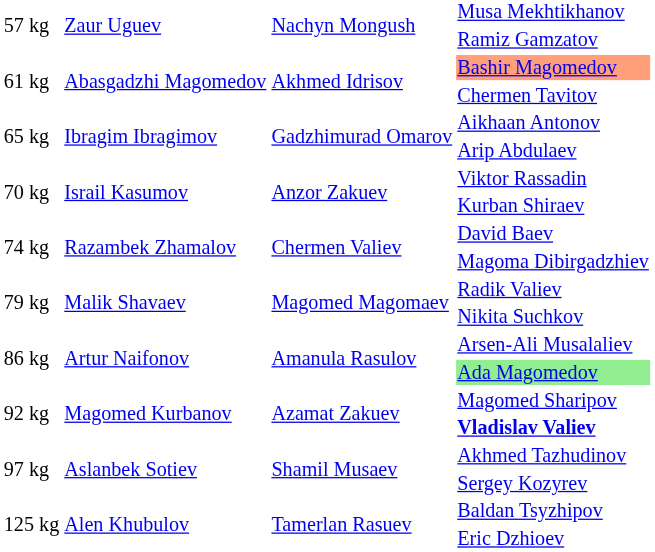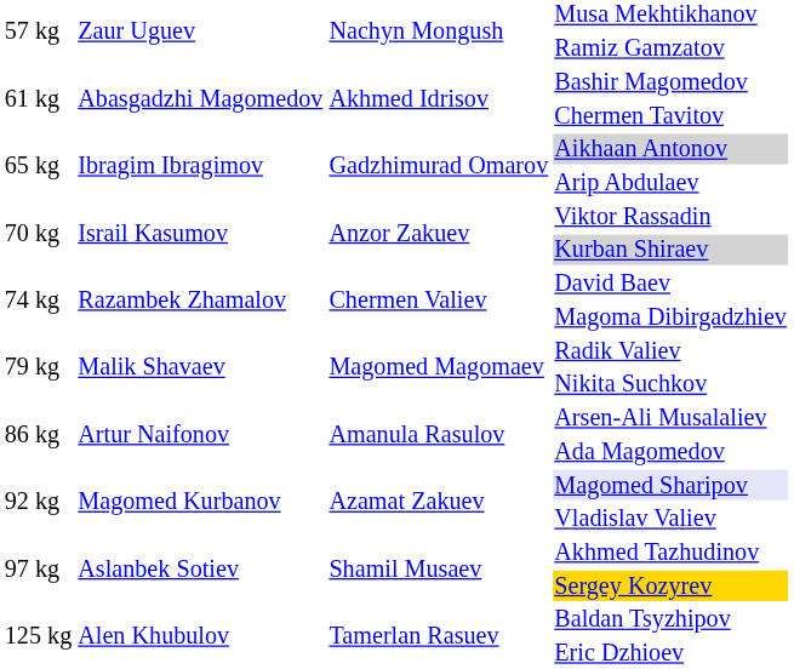 <table>
 <tr>
 <td rowspan=2>57 kg<br></td>
 <td rowspan=2> <a href='#'>Zaur Uguev</a></td>
 <td rowspan=2> <a href='#'>Nachyn Mongush</a></td>
 <td> <a href='#'>Musa Mekhtikhanov</a></td>
 </tr>
 <tr>
 <td> <a href='#'>Ramiz Gamzatov</a></td>
 </tr>
 <tr>
 <td rowspan=2>61 kg<br></td>
 <td rowspan=2> <a href='#'>Abasgadzhi Magomedov</a></td>
 <td rowspan=2> <a href='#'>Akhmed Idrisov</a></td>
-<td style="background: lightsalmon;"> <a href='#'>Bashir Magomedov</a></td>
+<td> <a href='#'>Bashir Magomedov</a></td>
 </tr>
 <tr>
 <td> <a href='#'>Chermen Tavitov</a></td>
 </tr>
 <tr>
 <td rowspan=2>65 kg<br></td>
 <td rowspan=2> <a href='#'>Ibragim Ibragimov</a></td>
 <td rowspan=2> <a href='#'>Gadzhimurad Omarov</a></td>
-<td> <a href='#'>Aikhaan Antonov</a></td>
+<td style="background: lightgrey;"> <a href='#'>Aikhaan Antonov</a></td>
 </tr>
 <tr>
 <td> <a href='#'>Arip Abdulaev</a></td>
 </tr>
 <tr>
 <td rowspan=2>70 kg<br></td>
 <td rowspan=2> <a href='#'>Israil Kasumov</a></td>
 <td rowspan=2> <a href='#'>Anzor Zakuev</a></td>
 <td> <a href='#'>Viktor Rassadin</a></td>
 </tr>
 <tr>
-<td> <a href='#'>Kurban Shiraev</a></td>
+<td style="background: lightgrey;"> <a href='#'>Kurban Shiraev</a></td>
 </tr>
 <tr>
 <td rowspan=2>74 kg<br></td>
 <td rowspan=2> <a href='#'>Razambek Zhamalov</a></td>
 <td rowspan=2> <a href='#'>Chermen Valiev</a></td>
 <td> <a href='#'>David Baev</a></td>
 </tr>
 <tr>
 <td> <a href='#'>Magoma Dibirgadzhiev</a></td>
 </tr>
 <tr>
 <td rowspan=2>79 kg<br></td>
 <td rowspan=2> <a href='#'>Malik Shavaev</a></td>
 <td rowspan=2> <a href='#'>Magomed Magomaev</a></td>
 <td> <a href='#'>Radik Valiev</a></td>
 </tr>
 <tr>
 <td> <a href='#'>Nikita Suchkov</a></td>
 </tr>
 <tr>
 <td rowspan=2>86 kg<br></td>
 <td rowspan=2> <a href='#'>Artur Naifonov</a></td>
 <td rowspan=2> <a href='#'>Amanula Rasulov</a></td>
 <td> <a href='#'>Arsen-Ali Musalaliev</a></td>
 </tr>
 <tr>
-<td style="background: lightgreen;"> <a href='#'>Ada Magomedov</a></td>
+<td> <a href='#'>Ada Magomedov</a></td>
 </tr>
 <tr>
 <td rowspan=2>92 kg<br></td>
 <td rowspan=2> <a href='#'>Magomed Kurbanov</a></td>
 <td rowspan=2> <a href='#'>Azamat Zakuev</a></td>
-<td> <a href='#'>Magomed Sharipov</a></td>
+<td style="background: lavender;"> <a href='#'>Magomed Sharipov</a></td>
 </tr>
 <tr>
-<td><strong> <a href='#'>Vladislav Valiev</a></strong></td>
+<td> <a href='#'>Vladislav Valiev</a></td>
 </tr>
 <tr>
 <td rowspan=2>97 kg<br></td>
 <td rowspan=2> <a href='#'>Aslanbek Sotiev</a></td>
 <td rowspan=2> <a href='#'>Shamil Musaev</a></td>
 <td> <a href='#'>Akhmed Tazhudinov</a></td>
 </tr>
 <tr>
-<td> <a href='#'>Sergey Kozyrev</a></td>
+<td style="background: gold;"> <a href='#'>Sergey Kozyrev</a></td>
 </tr>
 <tr>
 <td rowspan=2>125 kg<br></td>
 <td rowspan=2> <a href='#'>Alen Khubulov</a></td>
 <td rowspan=2> <a href='#'>Tamerlan Rasuev</a></td>
 <td> <a href='#'>Baldan Tsyzhipov</a></td>
 </tr>
 <tr>
 <td> <a href='#'>Eric Dzhioev</a></td>
 </tr>
 </table>
